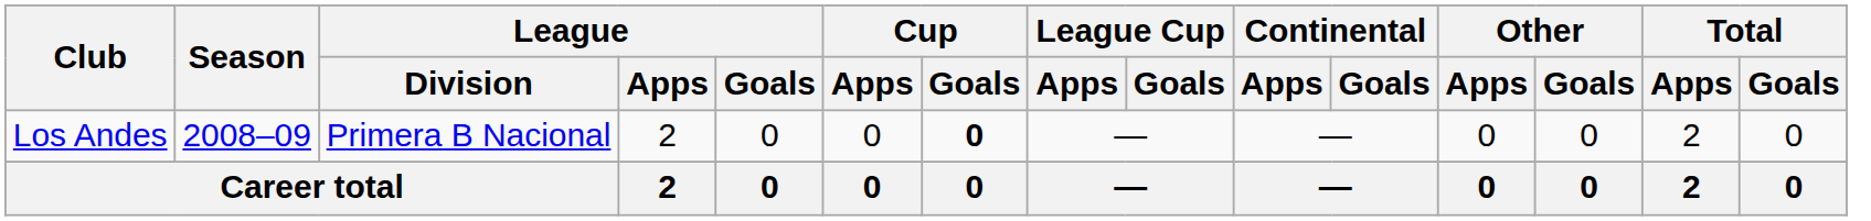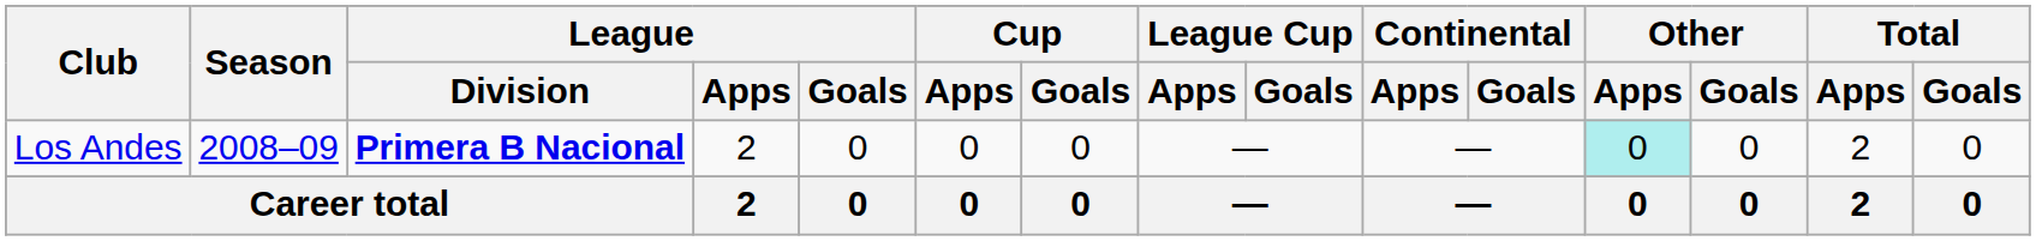 <table class="wikitable" style="text-align:center">
 <tr>
 <th rowspan="2">Club</th>
 <th rowspan="2">Season</th>
 <th colspan="3">League</th>
 <th colspan="2">Cup</th>
 <th colspan="2">League Cup</th>
 <th colspan="2">Continental</th>
 <th colspan="2">Other</th>
 <th colspan="2">Total</th>
 </tr>
 <tr>
 <th>Division</th>
 <th>Apps</th>
 <th>Goals</th>
 <th>Apps</th>
 <th>Goals</th>
 <th>Apps</th>
 <th>Goals</th>
 <th>Apps</th>
 <th>Goals</th>
 <th>Apps</th>
 <th>Goals</th>
 <th>Apps</th>
 <th>Goals</th>
 </tr>
 <tr>
 <td rowspan="1"><a href='#'>Los Andes</a></td>
 <td><a href='#'>2008–09</a></td>
-<td rowspan="1"><a href='#'>Primera B Nacional</a></td>
+<td rowspan="1"><strong><a href='#'>Primera B Nacional</a></strong></td>
 <td>2</td>
 <td>0</td>
 <td>0</td>
-<td><strong>0</strong></td>
+<td>0</td>
 <td colspan="2">—</td>
 <td colspan="2">—</td>
-<td>0</td>
+<td style="background: paleturquoise;">0</td>
 <td>0</td>
 <td>2</td>
 <td>0</td>
 </tr>
 <tr>
 <th colspan="3">Career total</th>
 <th>2</th>
 <th>0</th>
 <th>0</th>
 <th>0</th>
 <th colspan="2">—</th>
 <th colspan="2">—</th>
 <th>0</th>
 <th>0</th>
 <th>2</th>
 <th>0</th>
 </tr>
 </table>
